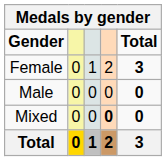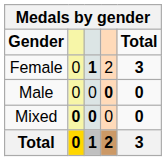 <table class=wikitable style=font-size:85%>
 <tr style="background:#efefef;">
 <th colspan=7><strong>Medals by gender</strong></th>
 </tr>
 <tr align=center>
 <td><strong>Gender</strong></td>
 <td bgcolor=#f7f6a8></td>
 <td bgcolor=#dce5e5></td>
 <td bgcolor=#ffdab9></td>
 <td><strong>Total</strong></td>
 </tr>
 <tr align=center>
 <td>Female</td>
 <td style="background:#F7F6A8;">0</td>
-<td style="background:#DCE5E5;">1</td>
+<td style="background:#DCE5E5;"><strong>1</strong></td>
 <td style="background:#FFDAB9;">2</td>
 <td><strong>3</strong></td>
 </tr>
 <tr align=center>
 <td>Male</td>
 <td style="background:#F7F6A8;">0</td>
 <td style="background:#DCE5E5;">0</td>
-<td style="background:#FFDAB9;">0</td>
+<td style="background:#FFDAB9;"><strong>0</strong></td>
 <td><strong>0</strong></td>
 </tr>
 <tr align=center>
 <td>Mixed</td>
-<td style="background:#F7F6A8;">0</td>
-<td style="background:#DCE5E5;">0</td>
-<td style="background:#FFDAB9;"><strong>0</strong></td>
+<td style="background:#F7F6A8;"><strong>0</strong></td>
+<td style="background:#DCE5E5;"><strong>0</strong></td>
+<td style="background:#FFDAB9;">0</td>
 <td><strong>0</strong></td>
 </tr>
 <tr align=center>
 <th><strong>Total</strong></th>
 <th style="background:gold;"><strong>0</strong></th>
 <th style="background:silver;"><strong>1</strong></th>
 <th style="background:#c96;"><strong>2</strong></th>
 <th><strong>3</strong></th>
 </tr>
 </table>
